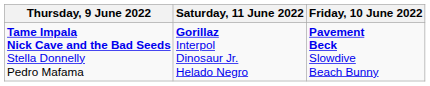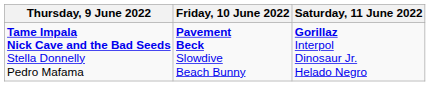 <table class="wikitable">
 <tr>
 <th>Thursday, 9 June 2022</th>
+<th>Friday, 10 June 2022</th>
 <th>Saturday, 11 June 2022</th>
-<th>Friday, 10 June 2022</th>
 </tr>
 <tr valign="top">
 <td><strong><a href='#'>Tame Impala</a></strong><br><strong><a href='#'>Nick Cave and the Bad Seeds</a></strong><br><a href='#'>Stella Donnelly</a><br>Pedro Mafama</td>
+<td><strong><a href='#'>Pavement</a></strong><br><strong><a href='#'>Beck</a></strong><br><a href='#'>Slowdive</a><br><a href='#'>Beach Bunny</a></td>
 <td><strong><a href='#'>Gorillaz</a></strong><br><a href='#'>Interpol</a><br><a href='#'>Dinosaur Jr.</a><br><a href='#'>Helado Negro</a></td>
-<td><strong><a href='#'>Pavement</a></strong><br><strong><a href='#'>Beck</a></strong><br><a href='#'>Slowdive</a><br><a href='#'>Beach Bunny</a></td>
 </tr>
 </table>
